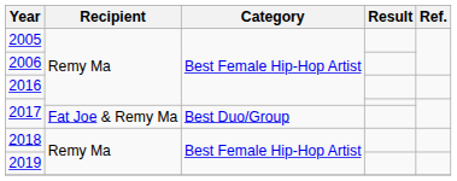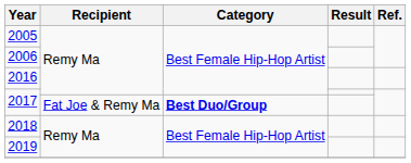 <table class="wikitable">
 <tr>
 <th>Year</th>
 <th>Recipient</th>
 <th>Category</th>
 <th>Result</th>
 <th>Ref.</th>
 </tr>
 <tr>
 <td><a href='#'>2005</a></td>
 <td rowspan=4>Remy Ma</td>
 <td rowspan=4><a href='#'>Best Female Hip-Hop Artist</a></td>
 <td></td>
 <td rowspan=2></td>
 </tr>
 <tr>
 <td><a href='#'>2006</a></td>
 <td></td>
 </tr>
 <tr>
 <td><a href='#'>2016</a></td>
 <td></td>
 <td></td>
 </tr>
 <tr>
 <td rowspan=2><a href='#'>2017</a></td>
 <td></td>
 <td rowspan=2></td>
 </tr>
 <tr>
 <td><a href='#'>Fat Joe</a> & Remy Ma</td>
-<td><a href='#'>Best Duo/Group</a></td>
+<td><strong><a href='#'>Best Duo/Group</a></strong></td>
 <td></td>
 </tr>
 <tr>
 <td><a href='#'>2018</a></td>
 <td rowspan="2">Remy Ma</td>
 <td rowspan="2"><a href='#'>Best Female Hip-Hop Artist</a></td>
 <td></td>
 <td></td>
 </tr>
 <tr>
 <td><a href='#'>2019</a></td>
 <td></td>
 <td></td>
 </tr>
 <tr>
 </tr>
 </table>
